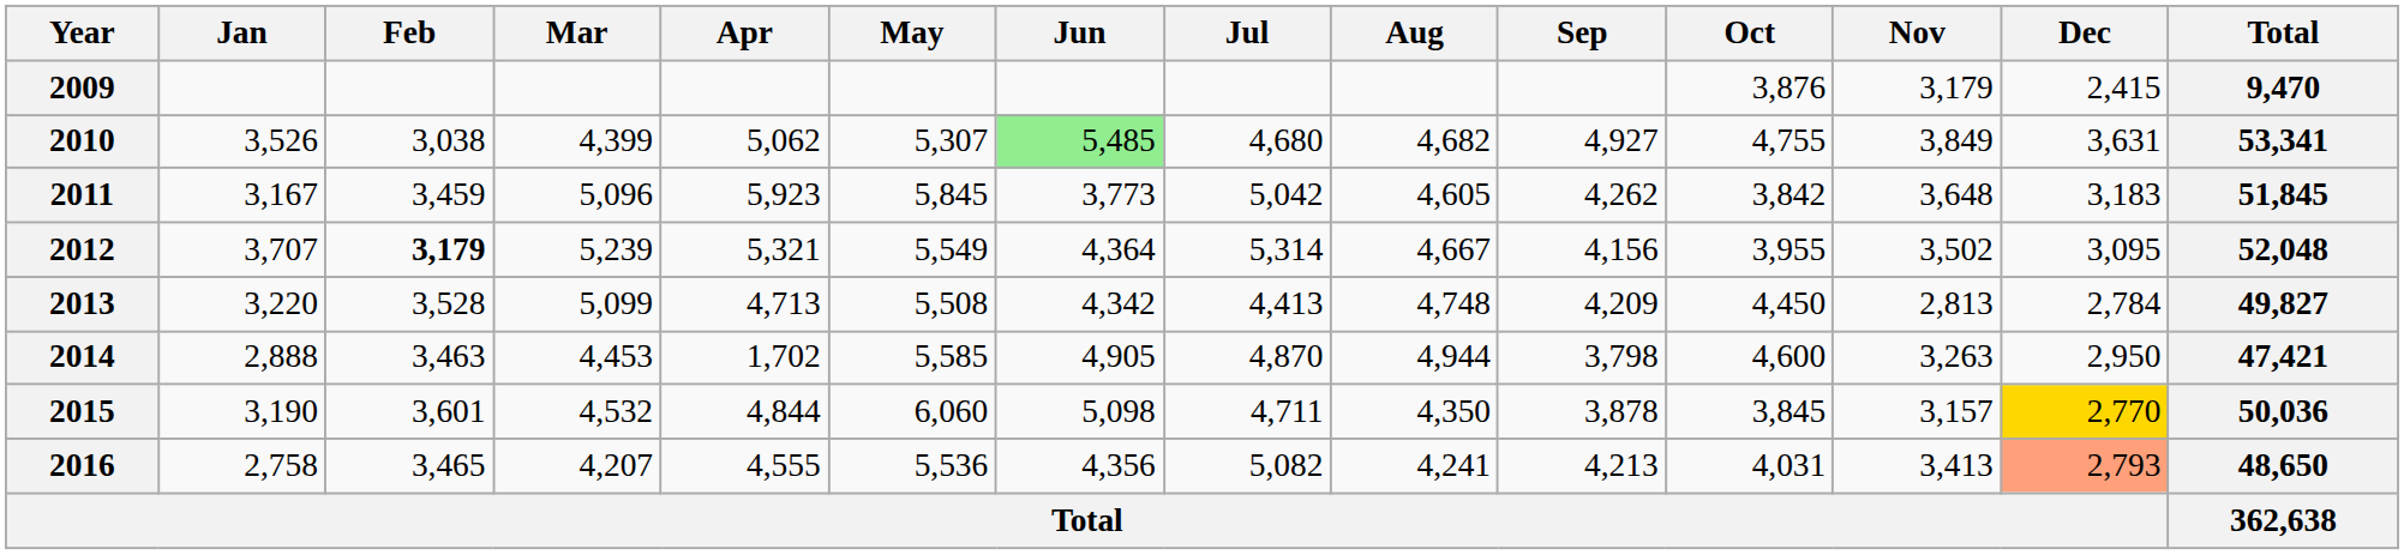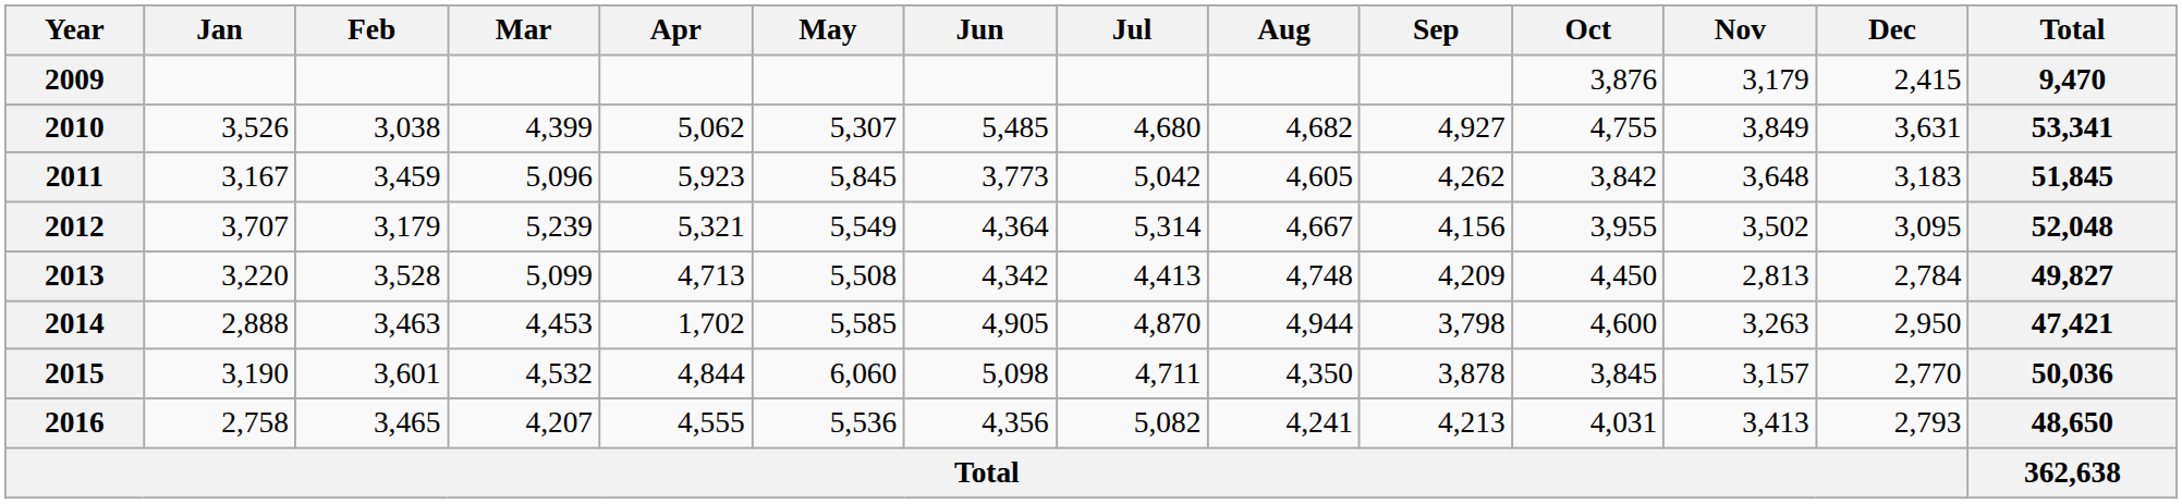 <table class=wikitable style="text-align:right; font-size:0.9em; width:1050px;">
 <tr>
 <th>Year</th>
 <th>Jan</th>
 <th>Feb</th>
 <th>Mar</th>
 <th>Apr</th>
 <th>May</th>
 <th>Jun</th>
 <th>Jul</th>
 <th>Aug</th>
 <th>Sep</th>
 <th>Oct</th>
 <th>Nov</th>
 <th>Dec</th>
 <th>Total</th>
 </tr>
 <tr>
 <th>2009</th>
 <td></td>
 <td></td>
 <td></td>
 <td></td>
 <td></td>
 <td></td>
 <td></td>
 <td></td>
 <td></td>
 <td>3,876</td>
 <td>3,179</td>
 <td>2,415</td>
 <th>9,470</th>
 </tr>
 <tr>
 <th>2010</th>
 <td>3,526</td>
 <td>3,038</td>
 <td>4,399</td>
 <td>5,062</td>
 <td>5,307</td>
-<td style="background: lightgreen;">5,485</td>
+<td>5,485</td>
 <td>4,680</td>
 <td>4,682</td>
 <td>4,927</td>
 <td>4,755</td>
 <td>3,849</td>
 <td>3,631</td>
 <th>53,341</th>
 </tr>
 <tr>
 <th>2011</th>
 <td>3,167</td>
 <td>3,459</td>
 <td>5,096</td>
 <td>5,923</td>
 <td>5,845</td>
 <td>3,773</td>
 <td>5,042</td>
 <td>4,605</td>
 <td>4,262</td>
 <td>3,842</td>
 <td>3,648</td>
 <td>3,183</td>
 <th>51,845</th>
 </tr>
 <tr>
 <th>2012</th>
 <td>3,707</td>
-<td><strong>3,179</strong></td>
+<td>3,179</td>
 <td>5,239</td>
 <td>5,321</td>
 <td>5,549</td>
 <td>4,364</td>
 <td>5,314</td>
 <td>4,667</td>
 <td>4,156</td>
 <td>3,955</td>
 <td>3,502</td>
 <td>3,095</td>
 <th>52,048</th>
 </tr>
 <tr>
 <th>2013</th>
 <td>3,220</td>
 <td>3,528</td>
 <td>5,099</td>
 <td>4,713</td>
 <td>5,508</td>
 <td>4,342</td>
 <td>4,413</td>
 <td>4,748</td>
 <td>4,209</td>
 <td>4,450</td>
 <td>2,813</td>
 <td>2,784</td>
 <th>49,827</th>
 </tr>
 <tr>
 <th>2014</th>
 <td>2,888</td>
 <td>3,463</td>
 <td>4,453</td>
 <td>1,702</td>
 <td>5,585</td>
 <td>4,905</td>
 <td>4,870</td>
 <td>4,944</td>
 <td>3,798</td>
 <td>4,600</td>
 <td>3,263</td>
 <td>2,950</td>
 <th>47,421</th>
 </tr>
 <tr>
 <th>2015</th>
 <td>3,190</td>
 <td>3,601</td>
 <td>4,532</td>
 <td>4,844</td>
 <td>6,060</td>
 <td>5,098</td>
 <td>4,711</td>
 <td>4,350</td>
 <td>3,878</td>
 <td>3,845</td>
 <td>3,157</td>
-<td style="background: gold;">2,770</td>
+<td>2,770</td>
 <th>50,036</th>
 </tr>
 <tr>
 <th>2016</th>
 <td>2,758</td>
 <td>3,465</td>
 <td>4,207</td>
 <td>4,555</td>
 <td>5,536</td>
 <td>4,356</td>
 <td>5,082</td>
 <td>4,241</td>
 <td>4,213</td>
 <td>4,031</td>
 <td>3,413</td>
-<td style="background: lightsalmon;">2,793</td>
+<td>2,793</td>
 <th>48,650</th>
 </tr>
 <tr>
 <th colspan=13>Total</th>
 <th>362,638</th>
 </tr>
 </table>
